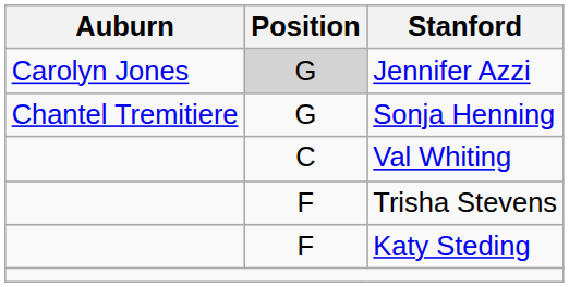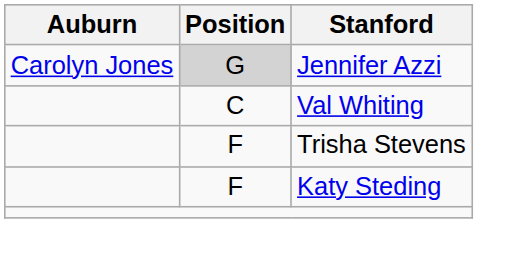 <table class="wikitable">
 <tr>
 <th>Auburn</th>
 <th>Position</th>
 <th>Stanford</th>
 </tr>
 <tr>
 <td><a href='#'>Carolyn Jones</a></td>
 <td style="background: lightgrey; text-align:center">G</td>
 <td><a href='#'>Jennifer Azzi</a></td>
-</tr>
-<tr>
-<td><a href='#'>Chantel Tremitiere</a></td>
-<td style="text-align:center">G</td>
-<td><a href='#'>Sonja Henning</a></td>
 </tr>
 <tr>
 <td></td>
 <td style="text-align:center">C</td>
 <td><a href='#'>Val Whiting</a></td>
 </tr>
 <tr>
 <td></td>
 <td style="text-align:center">F</td>
 <td>Trisha Stevens</td>
 </tr>
 <tr>
 <td></td>
 <td style="text-align:center">F</td>
 <td><a href='#'>Katy Steding</a></td>
 </tr>
 <tr>
 <td style="text-align:center" colspan=3></td>
 </tr>
 </table>
